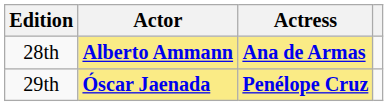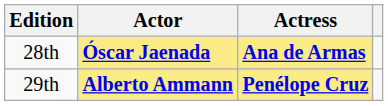 <table class="wikitable">
 <tr>
 <th>Edition</th>
 <th>Actor </th>
 <th>Actress </th>
 <th></th>
 </tr>
 <tr>
 <td align = "center">28th</td>
-<td style="background:#FAEB86"><strong><a href='#'>Alberto Ammann</a></strong> </td>
+<td style="background:#FAEB86"><strong><a href='#'>Óscar Jaenada</a></strong> </td>
 <td style="background:#FAEB86"><strong><a href='#'>Ana de Armas</a></strong> </td>
 <td align = "center"></td>
 </tr>
 <tr>
 <td align = "center">29th</td>
-<td style="background:#FAEB86"><strong><a href='#'>Óscar Jaenada</a></strong> </td>
+<td style="background:#FAEB86"><strong><a href='#'>Alberto Ammann</a></strong> </td>
 <td style="background:#FAEB86"><strong><a href='#'>Penélope Cruz</a></strong> </td>
 <td align = "center" rowspan = "3"></td>
 </tr>
 </table>
